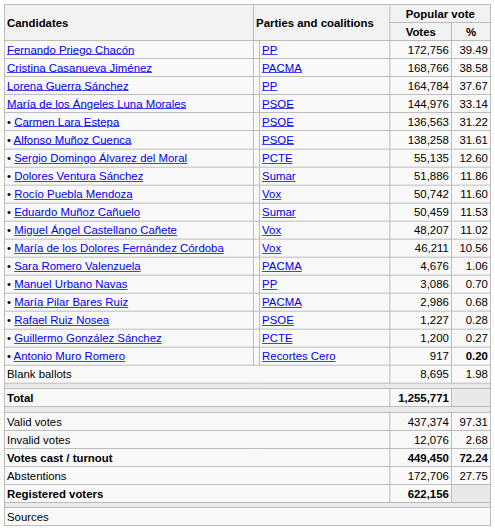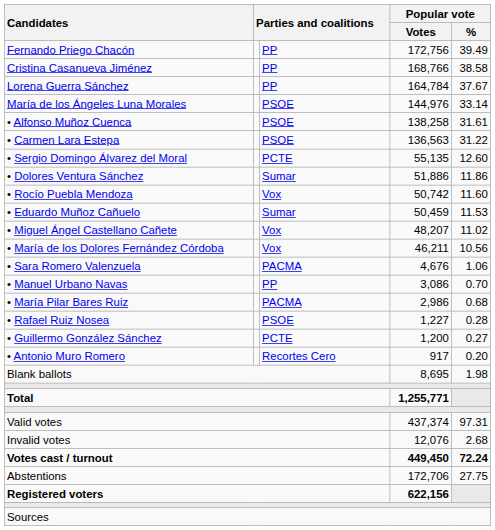 <table class="wikitable" style="text-align:right; font-size:95%;">
 <tr>
 <th style="text-align:left;" rowspan="2" width="325">Candidates</th>
 <th style="text-align:left;" rowspan="2" colspan="2" width="175">Parties and coalitions</th>
 <th colspan="2">Popular vote</th>
 </tr>
 <tr>
 <th width="75">Votes</th>
 <th width="45">%</th>
 </tr>
 <tr>
 <td align="left"> <a href='#'>Fernando Priego Chacón</a></td>
 <td width="1" style="color:inherit;background:"></td>
 <td align="left"><a href='#'>PP</a></td>
 <td>172,756</td>
 <td>39.49</td>
 </tr>
 <tr>
 <td align="left"> <a href='#'>Cristina Casanueva Jiménez</a></td>
 <td width="1" style="color:inherit;background:"></td>
-<td align="left"><a href='#'>PACMA</a></td>
+<td align="left"><a href='#'>PP</a></td>
 <td>168,766</td>
 <td>38.58</td>
 </tr>
 <tr>
 <td align="left"> <a href='#'>Lorena Guerra Sánchez</a></td>
 <td width="1" style="color:inherit;background:"></td>
 <td align="left"><a href='#'>PP</a></td>
 <td>164,784</td>
 <td>37.67</td>
 </tr>
 <tr>
 <td align="left"> <a href='#'>María de los Ángeles Luna Morales</a></td>
 <td width="1" style="color:inherit;background:"></td>
 <td align="left"><a href='#'>PSOE</a></td>
 <td>144,976</td>
 <td>33.14</td>
 </tr>
 <tr>
+<td align="left">• <a href='#'>Alfonso Muñoz Cuenca</a></td>
+<td width="1" style="color:inherit;background:"></td>
+<td align="left"><a href='#'>PSOE</a></td>
+<td>138,258</td>
+<td>31.61</td>
+</tr>
+<tr>
 <td align="left">• <a href='#'>Carmen Lara Estepa</a></td>
 <td width="1" style="color:inherit;background:"></td>
 <td align="left"><a href='#'>PSOE</a></td>
 <td>136,563</td>
 <td>31.22</td>
-</tr>
-<tr>
-<td align="left">• <a href='#'>Alfonso Muñoz Cuenca</a></td>
-<td width="1" style="color:inherit;background:"></td>
-<td align="left"><a href='#'>PSOE</a></td>
-<td>138,258</td>
-<td>31.61</td>
 </tr>
 <tr>
 <td align="left">• <a href='#'>Sergio Domingo Álvarez del Moral</a></td>
 <td width="1" style="color:inherit;background:"></td>
 <td align="left"><a href='#'>PCTE</a></td>
 <td>55,135</td>
 <td>12.60</td>
 </tr>
 <tr>
 <td align="left">• <a href='#'>Dolores Ventura Sánchez</a></td>
 <td width="1" style="color:inherit;background:"></td>
 <td align="left"><a href='#'>Sumar</a></td>
 <td>51,886</td>
 <td>11.86</td>
 </tr>
 <tr>
 <td align="left">• <a href='#'>Rocío Puebla Mendoza</a></td>
 <td width="1" style="color:inherit;background:"></td>
 <td align="left"><a href='#'>Vox</a></td>
 <td>50,742</td>
 <td>11.60</td>
 </tr>
 <tr>
 <td align="left">• <a href='#'>Eduardo Muñoz Cañuelo</a></td>
 <td width="1" style="color:inherit;background:"></td>
 <td align="left"><a href='#'>Sumar</a></td>
 <td>50,459</td>
 <td>11.53</td>
 </tr>
 <tr>
 <td align="left">• <a href='#'>Miguel Ángel Castellano Cañete</a></td>
 <td width="1" style="color:inherit;background:"></td>
 <td align="left"><a href='#'>Vox</a></td>
 <td>48,207</td>
 <td>11.02</td>
 </tr>
 <tr>
 <td align="left">• <a href='#'>María de los Dolores Fernández Córdoba</a></td>
 <td width="1" style="color:inherit;background:"></td>
 <td align="left"><a href='#'>Vox</a></td>
 <td>46,211</td>
 <td>10.56</td>
 </tr>
 <tr>
 <td align="left">• <a href='#'>Sara Romero Valenzuela</a></td>
 <td width="1" style="color:inherit;background:"></td>
 <td align="left"><a href='#'>PACMA</a></td>
 <td>4,676</td>
 <td>1.06</td>
 </tr>
 <tr>
 <td align="left">• <a href='#'>Manuel Urbano Navas</a></td>
 <td width="1" style="color:inherit;background:"></td>
 <td align="left"><a href='#'>PP</a></td>
 <td>3,086</td>
 <td>0.70</td>
 </tr>
 <tr>
 <td align="left">• <a href='#'>María Pilar Bares Ruiz</a></td>
 <td width="1" style="color:inherit;background:"></td>
 <td align="left"><a href='#'>PACMA</a></td>
 <td>2,986</td>
 <td>0.68</td>
 </tr>
 <tr>
 <td align="left">• <a href='#'>Rafael Ruiz Nosea</a></td>
 <td width="1" style="color:inherit;background:"></td>
 <td align="left"><a href='#'>PSOE</a></td>
 <td>1,227</td>
 <td>0.28</td>
 </tr>
 <tr>
 <td align="left">• <a href='#'>Guillermo González Sánchez</a></td>
 <td width="1" style="color:inherit;background:"></td>
 <td align="left"><a href='#'>PCTE</a></td>
 <td>1,200</td>
 <td>0.27</td>
 </tr>
 <tr>
 <td align="left">• <a href='#'>Antonio Muro Romero</a></td>
 <td width="1" style="color:inherit;background:"></td>
 <td align="left"><a href='#'>Recortes Cero</a></td>
 <td>917</td>
-<td><strong>0.20</strong></td>
+<td>0.20</td>
 </tr>
 <tr>
 <td align="left" colspan="3">Blank ballots</td>
 <td>8,695</td>
 <td>1.98</td>
 </tr>
 <tr>
 <td colspan="5" bgcolor="#E9E9E9"></td>
 </tr>
 <tr style="font-weight:bold;">
 <td align="left" colspan="3">Total</td>
 <td>1,255,771</td>
 <td bgcolor="#E9E9E9"></td>
 </tr>
 <tr>
 <td colspan="5" bgcolor="#E9E9E9"></td>
 </tr>
 <tr>
 <td align="left" colspan="3">Valid votes</td>
 <td>437,374</td>
 <td>97.31</td>
 </tr>
 <tr>
 <td align="left" colspan="3">Invalid votes</td>
 <td>12,076</td>
 <td>2.68</td>
 </tr>
 <tr style="font-weight:bold;">
 <td align="left" colspan="3">Votes cast / turnout</td>
 <td>449,450</td>
 <td>72.24</td>
 </tr>
 <tr>
 <td align="left" colspan="3">Abstentions</td>
 <td>172,706</td>
 <td>27.75</td>
 </tr>
 <tr style="font-weight:bold;">
 <td align="left" colspan="3">Registered voters</td>
 <td>622,156</td>
 <td bgcolor="#E9E9E9"></td>
 </tr>
 <tr>
 <td colspan="5" bgcolor="#E9E9E9"></td>
 </tr>
 <tr>
 <td align="left" colspan="5">Sources</td>
 </tr>
 </table>
